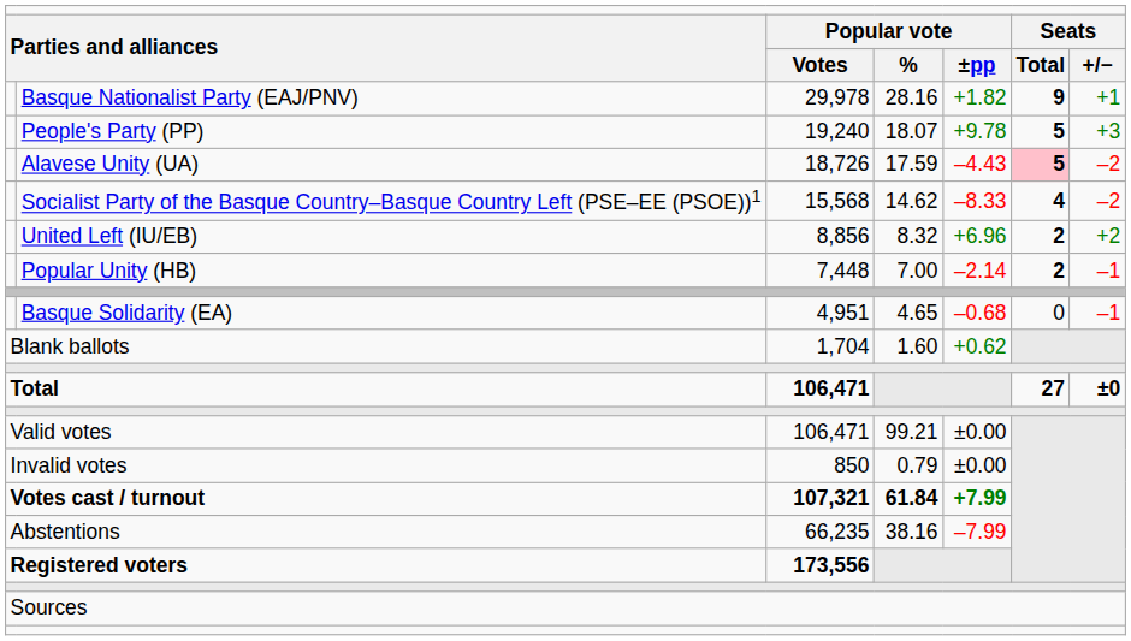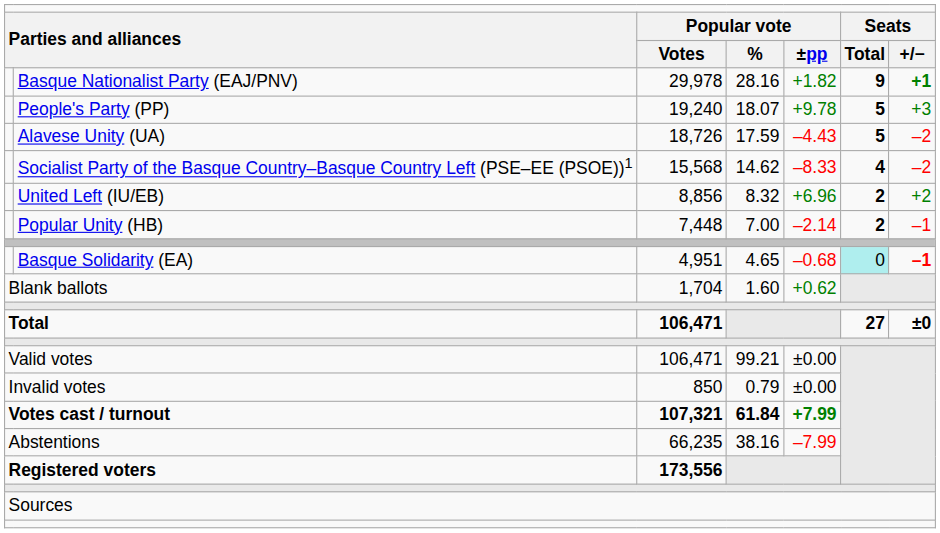 <table class="wikitable" style="text-align:right;">
 <tr>
 <td colspan="7"></td>
 </tr>
 <tr>
 <th style="text-align:left;" rowspan="2" colspan="2" width="525">Parties and alliances</th>
 <th colspan="3">Popular vote</th>
 <th colspan="2">Seats</th>
 </tr>
 <tr>
 <th width="75">Votes</th>
 <th width="45">%</th>
 <th width="45">±<a href='#'>pp</a></th>
 <th width="35">Total</th>
 <th width="35">+/−</th>
 </tr>
 <tr>
 <td width="1" style="color:inherit;background:"></td>
 <td align="left"><a href='#'>Basque Nationalist Party</a> (EAJ/PNV)</td>
 <td>29,978</td>
 <td>28.16</td>
 <td style="color:green;">+1.82</td>
 <td><strong>9</strong></td>
-<td style="color:green;">+1</td>
+<td style="color:green;"><strong>+1</strong></td>
 </tr>
 <tr>
 <td style="color:inherit;background:"></td>
 <td align="left"><a href='#'>People's Party</a> (PP)</td>
 <td>19,240</td>
 <td>18.07</td>
 <td style="color:green;">+9.78</td>
 <td><strong>5</strong></td>
 <td style="color:green;">+3</td>
 </tr>
 <tr>
 <td style="color:inherit;background:"></td>
 <td align="left"><a href='#'>Alavese Unity</a> (UA)</td>
 <td>18,726</td>
 <td>17.59</td>
 <td style="color:red;">–4.43</td>
-<td style="background: pink;"><strong>5</strong></td>
+<td><strong>5</strong></td>
 <td style="color:red;">–2</td>
 </tr>
 <tr>
 <td style="color:inherit;background:"></td>
 <td align="left"><a href='#'>Socialist Party of the Basque Country–Basque Country Left</a> (PSE–EE (PSOE))<sup>1</sup></td>
 <td>15,568</td>
 <td>14.62</td>
 <td style="color:red;">–8.33</td>
 <td><strong>4</strong></td>
 <td style="color:red;">–2</td>
 </tr>
 <tr>
 <td style="color:inherit;background:"></td>
 <td align="left"><a href='#'>United Left</a> (IU/EB)</td>
 <td>8,856</td>
 <td>8.32</td>
 <td style="color:green;">+6.96</td>
 <td><strong>2</strong></td>
 <td style="color:green;">+2</td>
 </tr>
 <tr>
 <td style="color:inherit;background:"></td>
 <td align="left"><a href='#'>Popular Unity</a> (HB)</td>
 <td>7,448</td>
 <td>7.00</td>
 <td style="color:red;">–2.14</td>
 <td><strong>2</strong></td>
 <td style="color:red;">–1</td>
 </tr>
 <tr>
 <td colspan="7" bgcolor="#C0C0C0"></td>
 </tr>
 <tr>
 <td style="color:inherit;background:"></td>
 <td align="left"><a href='#'>Basque Solidarity</a> (EA)</td>
 <td>4,951</td>
 <td>4.65</td>
 <td style="color:red;">–0.68</td>
-<td>0</td>
-<td style="color:red;">–1</td>
+<td style="background: paleturquoise;">0</td>
+<td style="color:red;"><strong>–1</strong></td>
 </tr>
 <tr>
 <td align="left" colspan="2">Blank ballots</td>
 <td>1,704</td>
 <td>1.60</td>
 <td style="color:green;">+0.62</td>
 <td bgcolor="#E9E9E9" colspan="2"></td>
 </tr>
 <tr>
 <td colspan="7" bgcolor="#E9E9E9"></td>
 </tr>
 <tr style="font-weight:bold;">
 <td align="left" colspan="2">Total</td>
 <td>106,471</td>
 <td bgcolor="#E9E9E9" colspan="2"></td>
 <td>27</td>
 <td>±0</td>
 </tr>
 <tr>
 <td colspan="7" bgcolor="#E9E9E9"></td>
 </tr>
 <tr>
 <td align="left" colspan="2">Valid votes</td>
 <td>106,471</td>
 <td>99.21</td>
 <td>±0.00</td>
 <td bgcolor="#E9E9E9" colspan="2" rowspan="5"></td>
 </tr>
 <tr>
 <td align="left" colspan="2">Invalid votes</td>
 <td>850</td>
 <td>0.79</td>
 <td>±0.00</td>
 </tr>
 <tr style="font-weight:bold;">
 <td align="left" colspan="2">Votes cast / turnout</td>
 <td>107,321</td>
 <td>61.84</td>
 <td style="color:green;">+7.99</td>
 </tr>
 <tr>
 <td align="left" colspan="2">Abstentions</td>
 <td>66,235</td>
 <td>38.16</td>
 <td style="color:red;">–7.99</td>
 </tr>
 <tr style="font-weight:bold;">
 <td align="left" colspan="2">Registered voters</td>
 <td>173,556</td>
 <td bgcolor="#E9E9E9" colspan="2"></td>
 </tr>
 <tr>
 <td colspan="7" bgcolor="#E9E9E9"></td>
 </tr>
 <tr>
 <td align="left" colspan="7">Sources</td>
 </tr>
 <tr>
 <td colspan="7" style="text-align:left; max-width:790px;"></td>
 </tr>
 </table>
